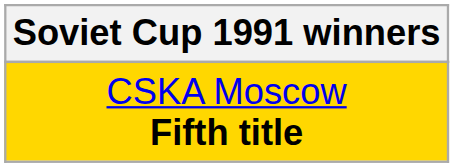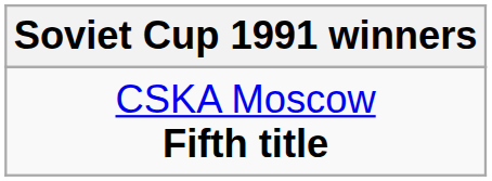 <table class="wikitable" style="text-align: center; margin: 0 auto;">
 <tr>
 <th>Soviet Cup 1991 winners</th>
 </tr>
 <tr>
 </tr>
 <tr>
-<td style="background: gold;"><a href='#'>CSKA Moscow</a><br><strong>Fifth title</strong></td>
+<td><a href='#'>CSKA Moscow</a><br><strong>Fifth title</strong></td>
 </tr>
 </table>
